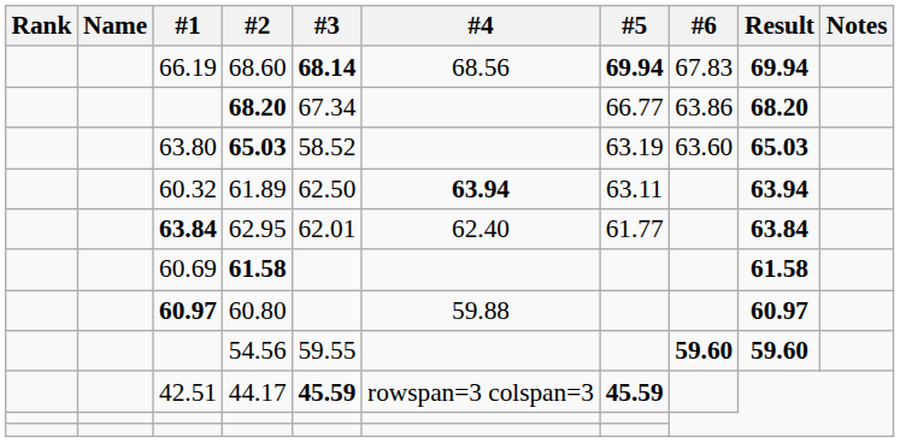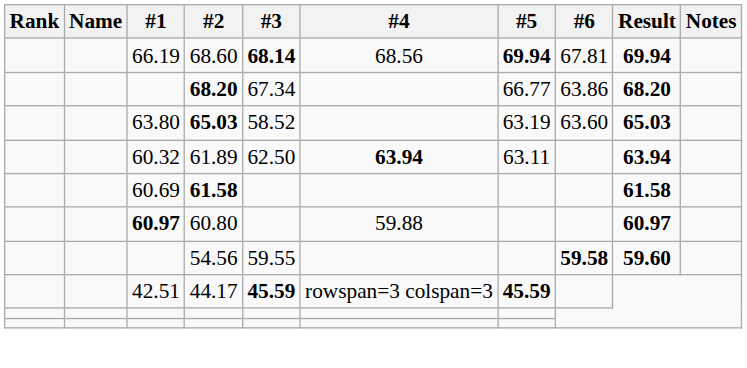 <table class="wikitable sortable" style="text-align:center">
 <tr>
 <th>Rank</th>
 <th>Name</th>
 <th>#1</th>
 <th>#2</th>
 <th>#3</th>
 <th>#4</th>
 <th>#5</th>
 <th>#6</th>
 <th>Result</th>
 <th>Notes</th>
 </tr>
 <tr>
 <td></td>
 <td align="left"></td>
 <td>66.19</td>
 <td>68.60</td>
 <td><strong>68.14</strong></td>
 <td>68.56</td>
 <td><strong>69.94</strong></td>
-<td>67.83</td>
+<td>67.81</td>
 <td><strong>69.94</strong></td>
 <td></td>
 </tr>
 <tr>
 <td></td>
 <td align="left"></td>
 <td></td>
 <td><strong>68.20</strong></td>
 <td>67.34</td>
 <td></td>
 <td>66.77</td>
 <td>63.86</td>
 <td><strong>68.20</strong></td>
 <td></td>
 </tr>
 <tr>
 <td></td>
 <td align="left"></td>
 <td>63.80</td>
 <td><strong>65.03</strong></td>
 <td>58.52</td>
 <td></td>
 <td>63.19</td>
 <td>63.60</td>
 <td><strong>65.03</strong></td>
 <td></td>
 </tr>
 <tr>
 <td></td>
 <td align="left"></td>
 <td>60.32</td>
 <td>61.89</td>
 <td>62.50</td>
 <td><strong>63.94</strong></td>
 <td>63.11</td>
 <td></td>
 <td><strong>63.94</strong></td>
 <td></td>
 </tr>
 <tr>
 <td></td>
 <td align="left"></td>
-<td><strong>63.84</strong></td>
-<td>62.95</td>
-<td>62.01</td>
-<td>62.40</td>
-<td>61.77</td>
-<td></td>
-<td><strong>63.84</strong></td>
-<td></td>
-</tr>
-<tr>
-<td></td>
-<td align="left"></td>
 <td>60.69</td>
 <td><strong>61.58</strong></td>
 <td></td>
 <td></td>
 <td></td>
 <td></td>
 <td><strong>61.58</strong></td>
 <td></td>
 </tr>
 <tr>
 <td></td>
 <td align="left"></td>
 <td><strong>60.97</strong></td>
 <td>60.80</td>
 <td></td>
 <td>59.88</td>
 <td></td>
 <td></td>
 <td><strong>60.97</strong></td>
 <td></td>
 </tr>
 <tr>
 <td></td>
 <td align="left"></td>
 <td></td>
 <td>54.56</td>
 <td>59.55</td>
 <td></td>
 <td></td>
-<td><strong>59.60</strong></td>
+<td><strong>59.58</strong></td>
 <td><strong>59.60</strong></td>
 <td></td>
 </tr>
 <tr>
 <td></td>
 <td align="left"></td>
 <td>42.51</td>
 <td>44.17</td>
 <td><strong>45.59</strong></td>
 <td>rowspan=3 colspan=3 </td>
 <td><strong>45.59</strong></td>
 <td></td>
 </tr>
 <tr>
 <td></td>
 <td align="left"></td>
 <td></td>
 <td></td>
 <td></td>
 <td></td>
 <td></td>
 </tr>
 <tr>
 <td></td>
 <td align="left"></td>
 <td></td>
 <td></td>
 <td></td>
 <td></td>
 <td></td>
 </tr>
 </table>
